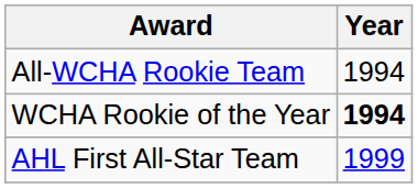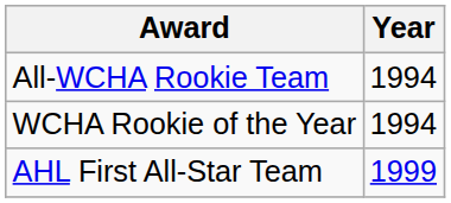 <table class="wikitable">
 <tr>
 <th>Award</th>
 <th>Year</th>
 </tr>
 <tr>
 <td>All-<a href='#'>WCHA</a> <a href='#'>Rookie Team</a></td>
 <td>1994</td>
 </tr>
 <tr>
 <td>WCHA Rookie of the Year</td>
-<td><strong>1994</strong></td>
+<td>1994</td>
 </tr>
 <tr>
 <td><a href='#'>AHL</a> First All-Star Team</td>
 <td><a href='#'>1999</a></td>
 </tr>
 </table>
